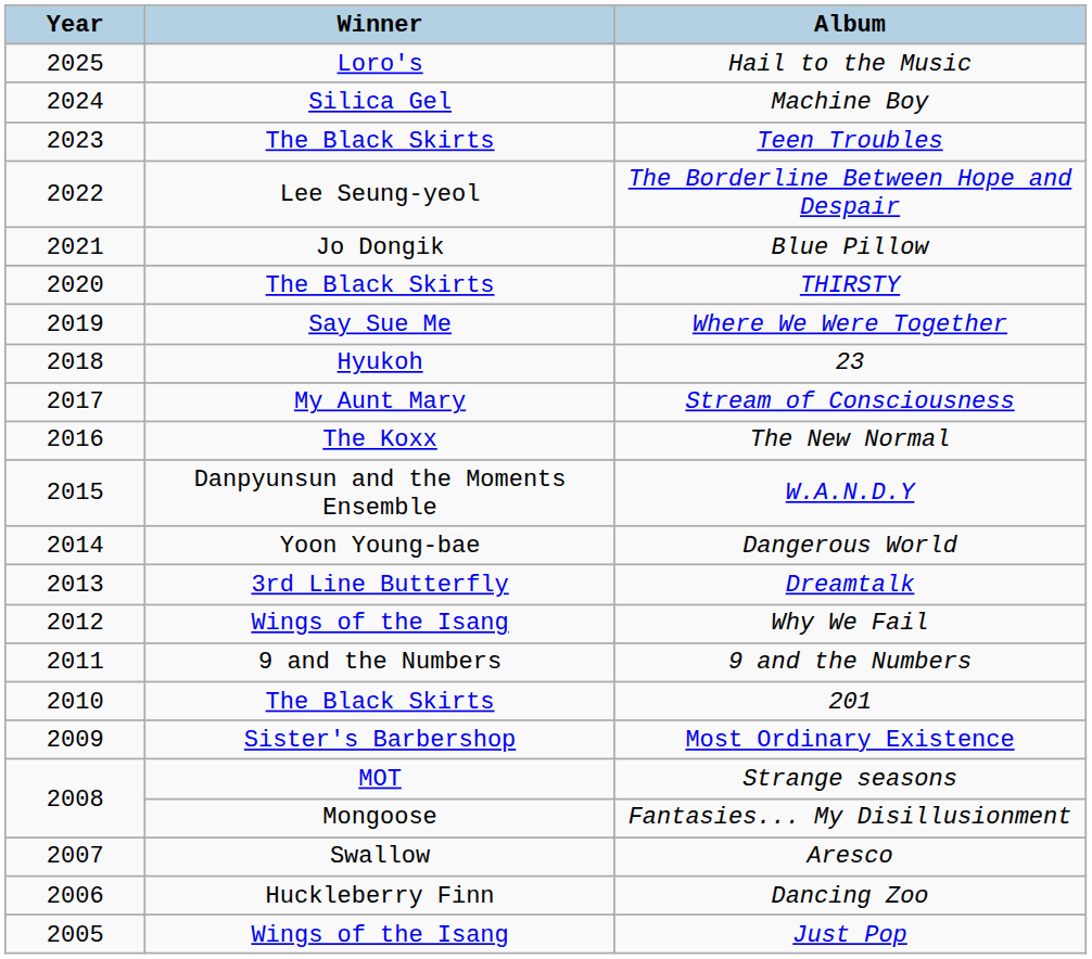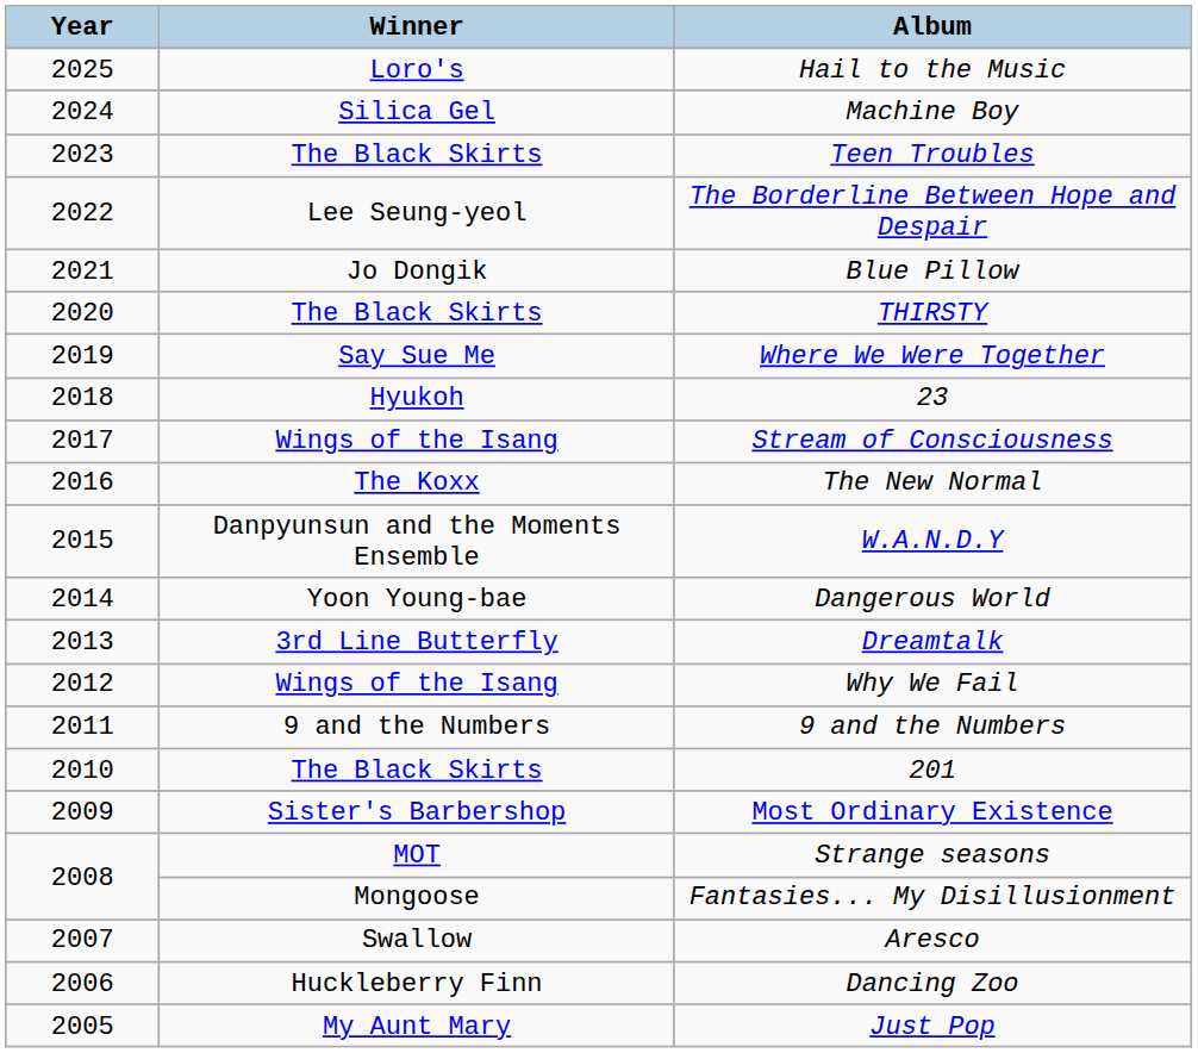 <table class="wikitable" style="text-align: center">
 <tr>
 <th width="70" style="background:#b3d1e3;">Year</th>
 <th width="250" style="background:#b3d1e3;">Winner</th>
 <th width="250" style="background:#b3d1e3;">Album</th>
 </tr>
 <tr>
 <td>2025</td>
 <td><a href='#'>Loro's</a></td>
 <td><em>Hail to the Music</em></td>
 </tr>
 <tr>
 <td>2024</td>
 <td><a href='#'>Silica Gel</a></td>
 <td><em>Machine Boy</em></td>
 </tr>
 <tr>
 <td>2023</td>
 <td><a href='#'>The Black Skirts</a></td>
 <td><em><a href='#'>Teen Troubles</a></em></td>
 </tr>
 <tr>
 <td>2022</td>
 <td>Lee Seung-yeol</td>
 <td><em><a href='#'>The Borderline Between Hope and Despair</a></em></td>
 </tr>
 <tr>
 <td>2021</td>
 <td>Jo Dongik</td>
 <td><em>Blue Pillow</em></td>
 </tr>
 <tr>
 <td>2020</td>
 <td><a href='#'>The Black Skirts</a></td>
 <td><em><a href='#'>THIRSTY</a></em></td>
 </tr>
 <tr>
 <td>2019</td>
 <td><a href='#'>Say Sue Me</a></td>
 <td><em><a href='#'>Where We Were Together</a></em></td>
 </tr>
 <tr>
 <td>2018</td>
 <td><a href='#'>Hyukoh</a></td>
 <td><em>23</em></td>
 </tr>
 <tr>
 <td>2017</td>
-<td><a href='#'>My Aunt Mary</a></td>
+<td><a href='#'>Wings of the Isang</a></td>
 <td><em><a href='#'>Stream of Consciousness</a></em></td>
 </tr>
 <tr>
 <td>2016</td>
 <td><a href='#'>The Koxx</a></td>
 <td><em>The New Normal</em></td>
 </tr>
 <tr>
 <td>2015</td>
 <td>Danpyunsun and the Moments Ensemble</td>
 <td><em><a href='#'>W.A.N.D.Y</a></em></td>
 </tr>
 <tr>
 <td>2014</td>
 <td>Yoon Young-bae</td>
 <td><em>Dangerous World</em></td>
 </tr>
 <tr>
 <td>2013</td>
 <td><a href='#'>3rd Line Butterfly</a></td>
 <td><em><a href='#'>Dreamtalk</a></em></td>
 </tr>
 <tr>
 <td>2012</td>
 <td><a href='#'>Wings of the Isang</a></td>
 <td><em>Why We Fail</em></td>
 </tr>
 <tr>
 <td>2011</td>
 <td>9 and the Numbers</td>
 <td><em>9 and the Numbers</em></td>
 </tr>
 <tr>
 <td>2010</td>
 <td><a href='#'>The Black Skirts</a></td>
 <td><em>201</em></td>
 </tr>
 <tr>
 <td>2009</td>
 <td><a href='#'>Sister's Barbershop</a></td>
 <td><a href='#'>Most Ordinary Existence</a></td>
 </tr>
 <tr>
 <td rowspan="2">2008</td>
 <td><a href='#'>MOT</a></td>
 <td><em>Strange seasons</em></td>
 </tr>
 <tr>
 <td>Mongoose</td>
 <td><em>Fantasies... My Disillusionment</em></td>
 </tr>
 <tr>
 <td>2007</td>
 <td>Swallow</td>
 <td><em>Aresco</em></td>
 </tr>
 <tr>
 <td>2006</td>
 <td>Huckleberry Finn</td>
 <td><em>Dancing Zoo</em></td>
 </tr>
 <tr>
 <td>2005</td>
-<td><a href='#'>Wings of the Isang</a></td>
+<td><a href='#'>My Aunt Mary</a></td>
 <td><em><a href='#'>Just Pop</a></em></td>
 </tr>
 </table>
